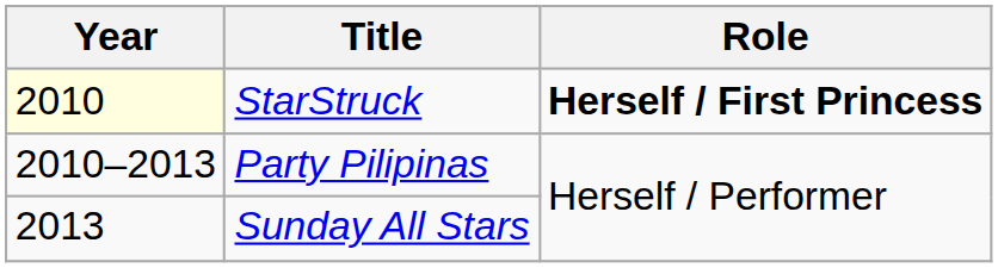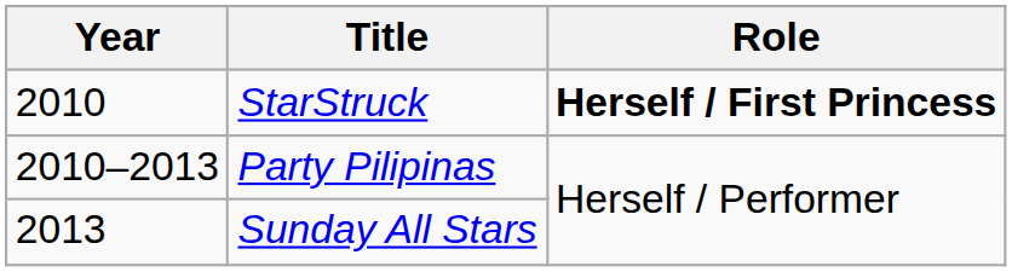 <table class="wikitable">
 <tr>
 <th>Year</th>
 <th>Title</th>
 <th>Role</th>
 </tr>
 <tr>
-<td style="background: lightyellow;">2010</td>
+<td>2010</td>
 <td><em><a href='#'>StarStruck</a></em></td>
 <td><strong>Herself / First Princess</strong></td>
 </tr>
 <tr>
 <td>2010–2013</td>
 <td><em><a href='#'>Party Pilipinas</a></em></td>
 <td rowspan="2">Herself / Performer</td>
 </tr>
 <tr>
 <td>2013</td>
 <td><em><a href='#'>Sunday All Stars</a></em></td>
 </tr>
 </table>
